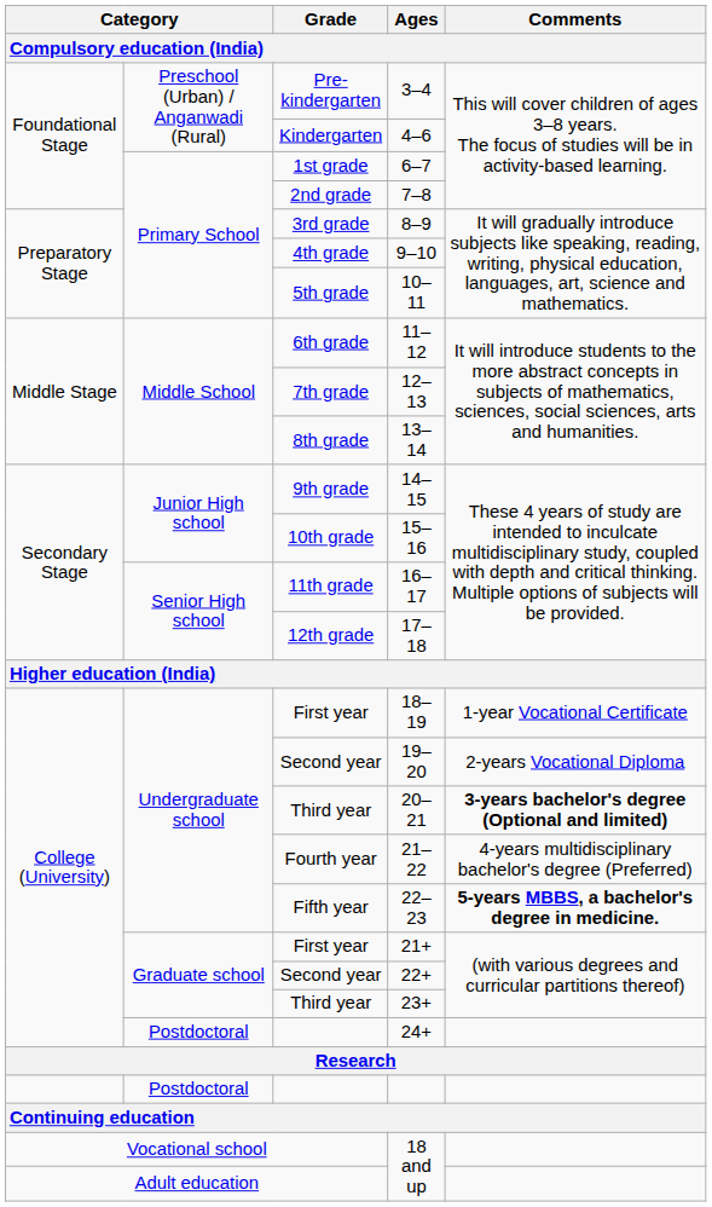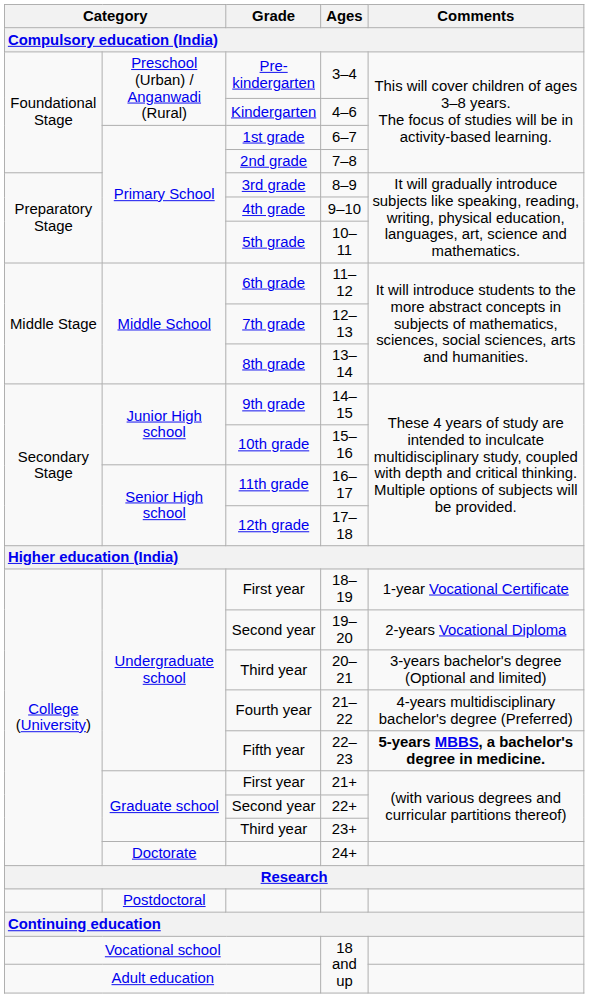 <table class="wikitable sortable" style="margin:auto;text-align:center; align:right">
 <tr>
 <th colspan="2">Category</th>
 <th>Grade</th>
 <th>Ages</th>
 <th>Comments</th>
 </tr>
 <tr>
 <th colspan="5" style="text-align:left;"><a href='#'>Compulsory education (India)</a></th>
 </tr>
 <tr>
 <td rowspan="4">Foundational Stage</td>
 <td rowspan="2"><a href='#'>Preschool</a> (Urban) / <a href='#'>Anganwadi</a> (Rural)</td>
 <td><a href='#'>Pre-kindergarten</a></td>
 <td>3–4</td>
 <td rowspan="4">This will cover children of ages 3–8 years.<br>The focus of studies will be in activity-based learning.</td>
 </tr>
 <tr>
 <td><a href='#'>Kindergarten</a></td>
 <td>4–6</td>
 </tr>
 <tr>
 <td rowspan="5"><a href='#'>Primary School</a></td>
 <td><a href='#'>1st grade</a></td>
 <td>6–7</td>
 </tr>
 <tr>
 <td><a href='#'>2nd grade</a></td>
 <td>7–8</td>
 </tr>
 <tr>
 <td rowspan="3">Preparatory Stage</td>
 <td><a href='#'>3rd grade</a></td>
 <td>8–9</td>
 <td rowspan="3">It will gradually introduce subjects like speaking, reading, writing, physical education, languages, art, science and mathematics.</td>
 </tr>
 <tr>
 <td><a href='#'>4th grade</a></td>
 <td>9–10</td>
 </tr>
 <tr>
 <td><a href='#'>5th grade</a></td>
 <td>10–11</td>
 </tr>
 <tr>
 <td rowspan="3" style="border-top:0 solid gray;">Middle Stage</td>
 <td rowspan="3"><a href='#'>Middle School</a></td>
 <td><a href='#'>6th grade</a></td>
 <td>11–12</td>
 <td rowspan="3">It will introduce students to the more abstract concepts in subjects of mathematics, sciences, social sciences, arts and humanities.</td>
 </tr>
 <tr>
 <td><a href='#'>7th grade</a></td>
 <td>12–13</td>
 </tr>
 <tr>
 <td><a href='#'>8th grade</a></td>
 <td>13–14</td>
 </tr>
 <tr>
 <td rowspan="4">Secondary Stage</td>
 <td rowspan="2"><a href='#'>Junior High</a> <a href='#'>school</a></td>
 <td><a href='#'>9th grade</a></td>
 <td>14–15</td>
 <td rowspan="4">These 4 years of study are intended to inculcate multidisciplinary study, coupled with depth and critical thinking. Multiple options of subjects will be provided.</td>
 </tr>
 <tr>
 <td><a href='#'>10th grade</a></td>
 <td>15–16</td>
 </tr>
 <tr>
 <td rowspan="2"><a href='#'>Senior High school</a></td>
 <td><a href='#'>11th grade</a></td>
 <td>16–17</td>
 </tr>
 <tr>
 <td><a href='#'>12th grade</a></td>
 <td>17–18</td>
 </tr>
 <tr>
 <th colspan="5" style="text-align:left;"><a href='#'>Higher education (India)</a></th>
 </tr>
 <tr>
 <td rowspan="9"><a href='#'>College</a> (<a href='#'>University</a>)</td>
 <td rowspan="5"><a href='#'>Undergraduate school</a></td>
 <td>First year</td>
 <td>18–19</td>
 <td>1-year <a href='#'>Vocational Certificate</a></td>
 </tr>
 <tr>
 <td>Second year</td>
 <td>19–20</td>
 <td>2-years <a href='#'>Vocational Diploma</a></td>
 </tr>
 <tr>
 <td>Third year</td>
 <td>20–21</td>
-<td><strong>3-years bachelor's degree (Optional and limited)</strong></td>
+<td>3-years bachelor's degree (Optional and limited)</td>
 </tr>
 <tr>
 <td>Fourth year</td>
 <td>21–22</td>
 <td>4-years multidisciplinary bachelor's degree (Preferred)</td>
 </tr>
 <tr>
 <td>Fifth year</td>
 <td>22–23</td>
 <td><strong>5-years <a href='#'>MBBS</a>, a bachelor's degree in medicine.</strong></td>
 </tr>
 <tr>
 <td rowspan="3"><a href='#'>Graduate school</a></td>
 <td>First year</td>
 <td>21+</td>
 <td rowspan="3">(with various degrees and curricular partitions thereof)</td>
 </tr>
 <tr>
 <td>Second year</td>
 <td>22+</td>
 </tr>
 <tr>
 <td>Third year</td>
 <td>23+</td>
 </tr>
 <tr>
-<td><a href='#'>Postdoctoral</a></td>
+<td><a href='#'>Doctorate</a></td>
 <td></td>
 <td>24+</td>
 <td></td>
 </tr>
 <tr>
 <th colspan="5"><a href='#'>Research</a></th>
 </tr>
 <tr>
 <td></td>
 <td><a href='#'>Postdoctoral</a></td>
 <td></td>
 <td></td>
 <td></td>
 </tr>
 <tr>
 <th colspan="5" style="text-align:left;"><a href='#'>Continuing education</a></th>
 </tr>
 <tr>
 <td colspan="3"><a href='#'>Vocational school</a></td>
 <td rowspan="2">18 and up</td>
 <td></td>
 </tr>
 <tr>
 <td colspan="3"><a href='#'>Adult education</a></td>
 <td></td>
 </tr>
 </table>
